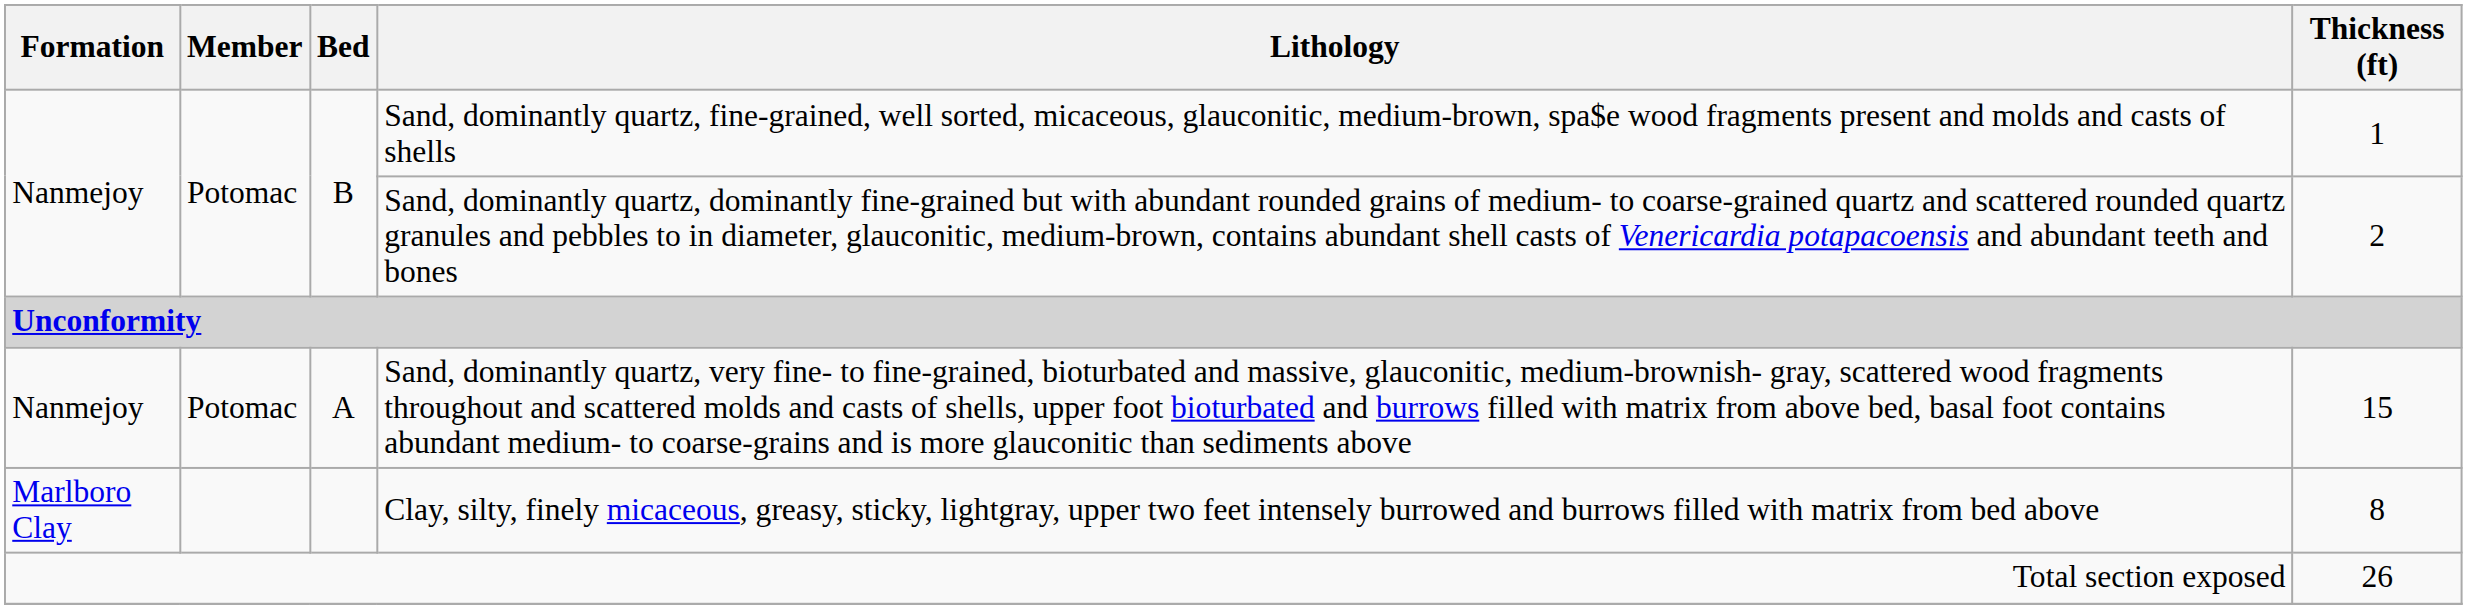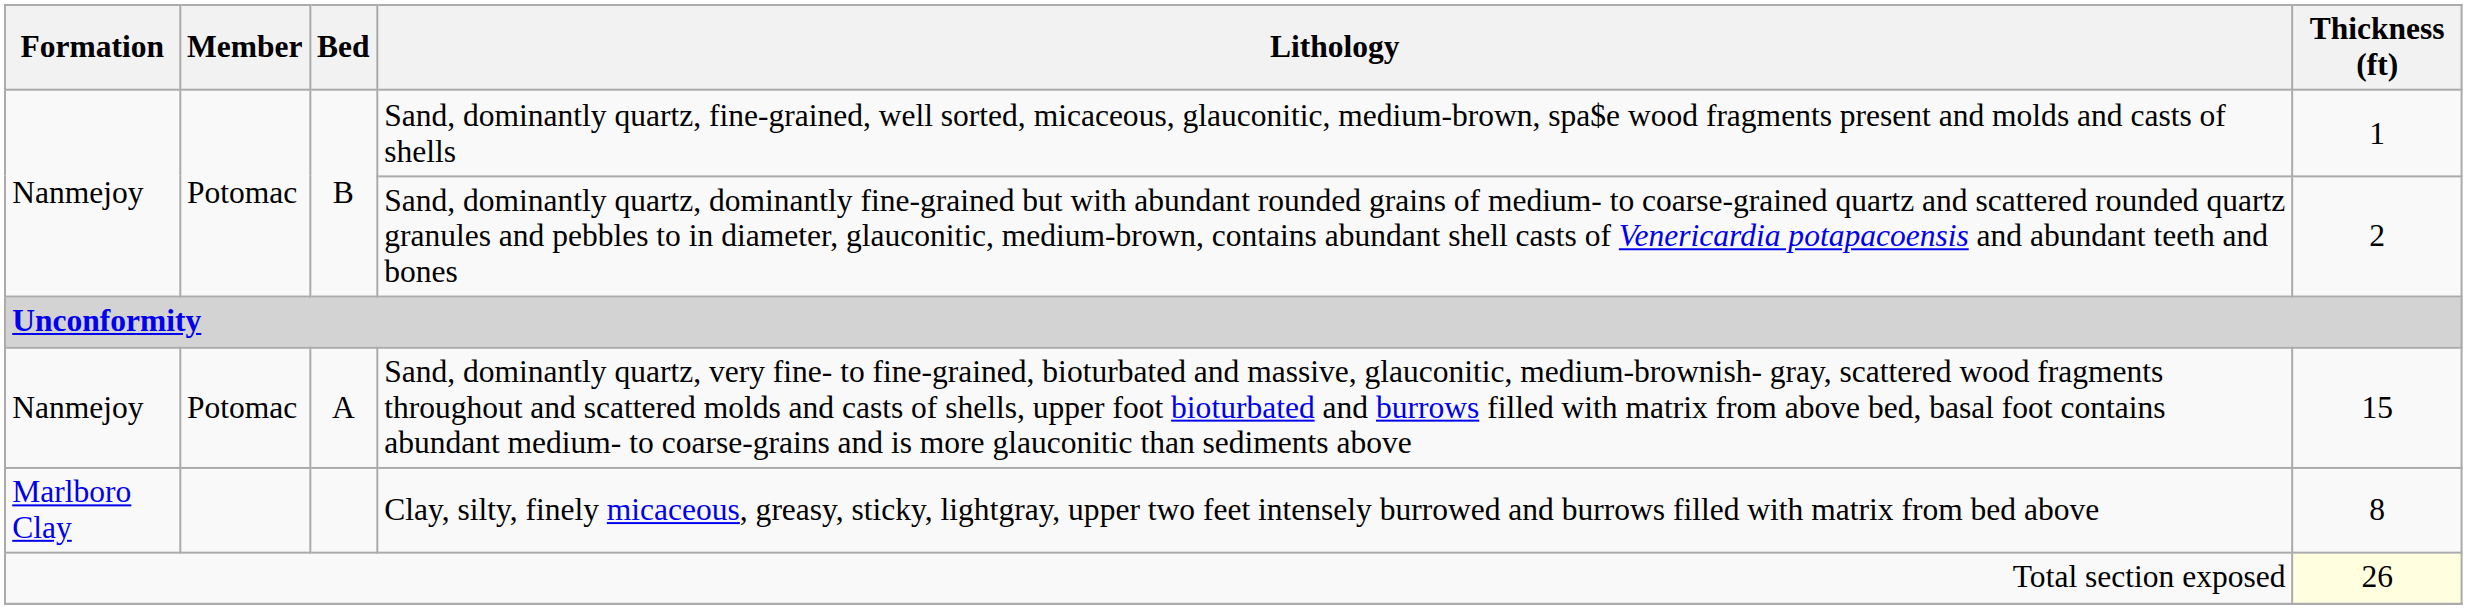 <table class="wikitable" font-size:80%>
 <tr>
 <th>Formation</th>
 <th>Member</th>
 <th>Bed</th>
 <th>Lithology</th>
 <th>Thickness (ft)</th>
 </tr>
 <tr>
 <td rowspan=2>Nanmejoy</td>
 <td rowspan=2>Potomac</td>
 <td align=center rowspan=2>B</td>
 <td>Sand, dominantly quartz, fine-grained, well sorted, micaceous, glauconitic, medium-brown, spa$e wood fragments present and molds and casts of shells</td>
 <td align=center>1</td>
 </tr>
 <tr>
 <td>Sand, dominantly quartz, dominantly fine-grained but with abundant rounded grains of medium- to coarse-grained quartz and scattered rounded quartz granules and pebbles to  in diameter, glauconitic, medium-brown, contains abundant shell casts of <em><a href='#'>Venericardia potapacoensis</a></em> and abundant teeth and bones</td>
 <td align=center>2</td>
 </tr>
 <tr>
 <td colspan=5 bgcolor=lightgrey><strong><a href='#'>Unconformity</a></strong></td>
 </tr>
 <tr>
 <td>Nanmejoy</td>
 <td>Potomac</td>
 <td align=center>A</td>
 <td>Sand, dominantly quartz, very fine- to fine-grained, bioturbated and massive, glauconitic, medium-brownish- gray, scattered wood fragments throughout and scattered molds and casts of shells, upper foot <a href='#'>bioturbated</a> and <a href='#'>burrows</a> filled with matrix from above bed, basal foot contains abundant medium- to coarse-grains and is more glauconitic than sediments above</td>
 <td align=center>15</td>
 </tr>
 <tr>
 <td><a href='#'>Marlboro Clay</a></td>
 <td></td>
 <td align=center></td>
 <td>Clay, silty, finely <a href='#'>micaceous</a>, greasy, sticky, lightgray, upper two feet intensely burrowed and burrows filled with matrix from bed above</td>
 <td align=center>8</td>
 </tr>
 <tr>
 <td colspan=4 align=right>Total section exposed</td>
-<td align=center>26</td>
+<td align=center style="background: lightyellow;">26</td>
 </tr>
 <tr>
 </tr>
 </table>
